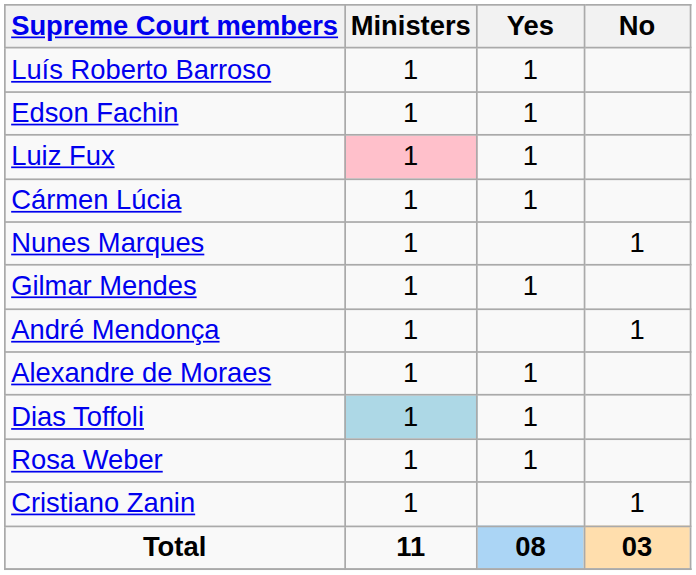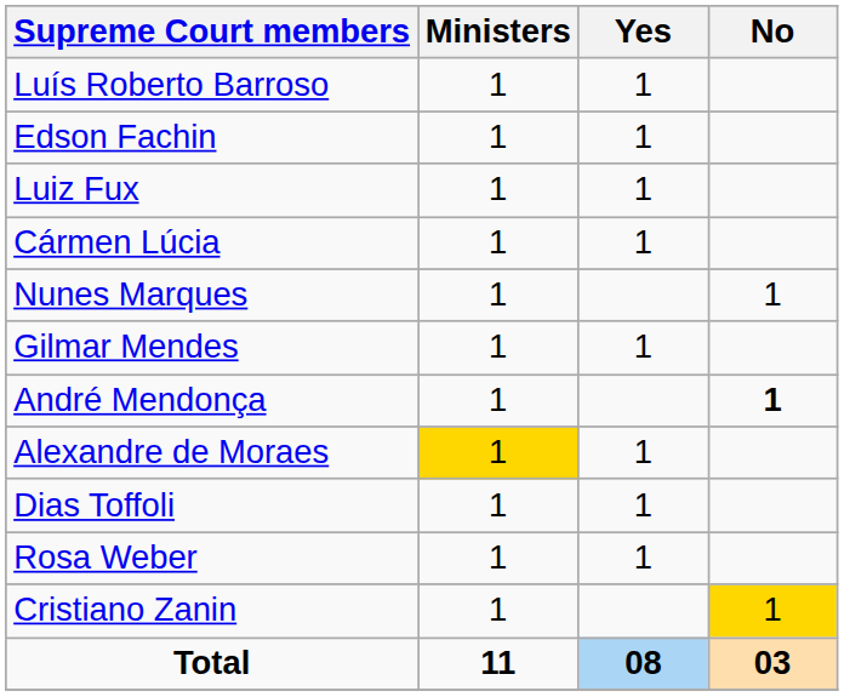 <table class="wikitable">
 <tr>
 <th><a href='#'>Supreme Court members</a></th>
 <th width="55pt">Ministers</th>
 <th width="55pt">Yes</th>
 <th width="55pt">No</th>
 </tr>
 <tr>
 <td align="left"><a href='#'>Luís Roberto Barroso</a></td>
 <td align="center">1</td>
 <td align="center">1</td>
 <td align="center"></td>
 </tr>
 <tr>
 <td align="left"><a href='#'>Edson Fachin</a></td>
 <td align="center">1</td>
 <td align="center">1</td>
 <td align="center"></td>
 </tr>
 <tr>
 <td align="left"><a href='#'>Luiz Fux</a></td>
-<td align="center" style="background: pink;">1</td>
+<td align="center">1</td>
 <td align="center">1</td>
 <td align="center"></td>
 </tr>
 <tr>
 <td align="left"><a href='#'>Cármen Lúcia</a></td>
 <td align="center">1</td>
 <td align="center">1</td>
 <td align="center"></td>
 </tr>
 <tr>
 <td align="left"><a href='#'>Nunes Marques</a></td>
 <td align="center">1</td>
 <td align="center"></td>
 <td align="center">1</td>
 </tr>
 <tr>
 <td align="left"><a href='#'>Gilmar Mendes</a></td>
 <td align="center">1</td>
 <td align="center">1</td>
 <td align="center"></td>
 </tr>
 <tr>
 <td align="left"><a href='#'>André Mendonça</a></td>
 <td align="center">1</td>
 <td align="center"></td>
-<td align="center">1</td>
+<td align="center"><strong>1</strong></td>
 </tr>
 <tr>
 <td align="left"><a href='#'>Alexandre de Moraes</a></td>
-<td align="center">1</td>
+<td align="center" style="background: gold;">1</td>
 <td align="center">1</td>
 <td align="center"></td>
 </tr>
 <tr>
 <td align="left"><a href='#'>Dias Toffoli</a></td>
-<td align="center" style="background: lightblue;">1</td>
+<td align="center">1</td>
 <td align="center">1</td>
 <td align="center"></td>
 </tr>
 <tr>
 <td align="left"><a href='#'>Rosa Weber</a></td>
 <td align="center">1</td>
 <td align="center">1</td>
 <td align="center"></td>
 </tr>
 <tr>
 <td align="left"><a href='#'>Cristiano Zanin</a></td>
 <td align="center">1</td>
 <td align="center"></td>
-<td align="center">1</td>
+<td align="center" style="background: gold;">1</td>
 </tr>
 <tr>
 <td align="center"><strong>Total</strong></td>
 <td align="center"><strong>11</strong></td>
 <td align="center" bgcolor="#abd5f5"><strong>08</strong></td>
 <td align="center" bgcolor="#FFDEAD"><strong>03</strong></td>
 </tr>
 <tr>
 </tr>
 </table>
